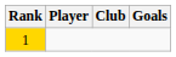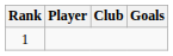 <table class="wikitable" style="text-align:center">
 <tr>
 <th>Rank</th>
 <th>Player</th>
 <th>Club</th>
 <th>Goals</th>
 </tr>
 <tr>
-<td rowspan="1" style="background: gold;">1</td>
+<td rowspan="1">1</td>
 </tr>
 </table>
